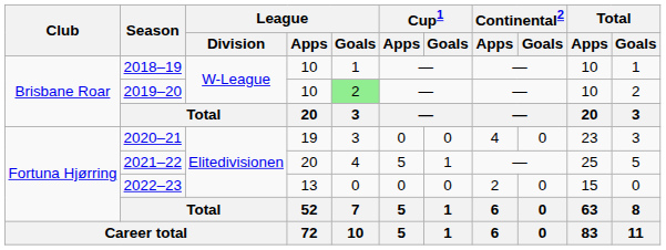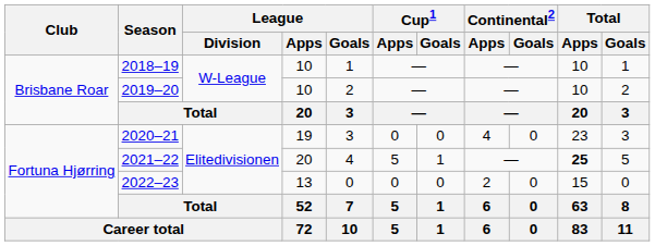 <table class="wikitable" style="text-align: center;">
 <tr>
 <th rowspan="2">Club</th>
 <th rowspan="2">Season</th>
 <th colspan="3">League</th>
 <th colspan="2">Cup<sup><a href='#'>1</a></sup></th>
 <th colspan="2">Continental<sup><a href='#'>2</a></sup></th>
 <th colspan="2">Total</th>
 </tr>
 <tr>
 <th>Division</th>
 <th>Apps</th>
 <th>Goals</th>
 <th>Apps</th>
 <th>Goals</th>
 <th>Apps</th>
 <th>Goals</th>
 <th>Apps</th>
 <th>Goals</th>
 </tr>
 <tr>
 <td rowspan="3"><a href='#'>Brisbane Roar</a></td>
 <td><a href='#'>2018–19</a></td>
 <td rowspan="2"><a href='#'>W-League</a></td>
 <td>10</td>
 <td>1</td>
 <td colspan="2">—</td>
 <td colspan="2">—</td>
 <td>10</td>
 <td>1</td>
 </tr>
 <tr>
 <td><a href='#'>2019–20</a></td>
 <td>10</td>
-<td style="background: lightgreen;">2</td>
+<td>2</td>
 <td colspan="2">—</td>
 <td colspan="2">—</td>
 <td>10</td>
 <td>2</td>
 </tr>
 <tr>
 <th colspan="2">Total</th>
 <th>20</th>
 <th>3</th>
 <th colspan="2">—</th>
 <th colspan="2">—</th>
 <th>20</th>
 <th>3</th>
 </tr>
 <tr>
 <td rowspan="4"><a href='#'>Fortuna Hjørring</a></td>
 <td><a href='#'>2020–21</a></td>
 <td rowspan="3"><a href='#'>Elitedivisionen</a></td>
 <td>19</td>
 <td>3</td>
 <td>0</td>
 <td>0</td>
 <td>4</td>
 <td>0</td>
 <td>23</td>
 <td>3</td>
 </tr>
 <tr>
 <td><a href='#'>2021–22</a></td>
 <td>20</td>
 <td>4</td>
 <td>5</td>
 <td>1</td>
 <td colspan="2">—</td>
-<td>25</td>
+<td><strong>25</strong></td>
 <td>5</td>
 </tr>
 <tr>
 <td><a href='#'>2022–23</a></td>
 <td>13</td>
 <td>0</td>
 <td>0</td>
 <td>0</td>
 <td>2</td>
 <td>0</td>
 <td>15</td>
 <td>0</td>
 </tr>
 <tr>
 <th colspan="2">Total</th>
 <th>52</th>
 <th>7</th>
 <th>5</th>
 <th>1</th>
 <th>6</th>
 <th>0</th>
 <th>63</th>
 <th>8</th>
 </tr>
 <tr>
 <th colspan="3">Career total</th>
 <th>72</th>
 <th>10</th>
 <th>5</th>
 <th>1</th>
 <th>6</th>
 <th>0</th>
 <th>83</th>
 <th>11</th>
 </tr>
 </table>
